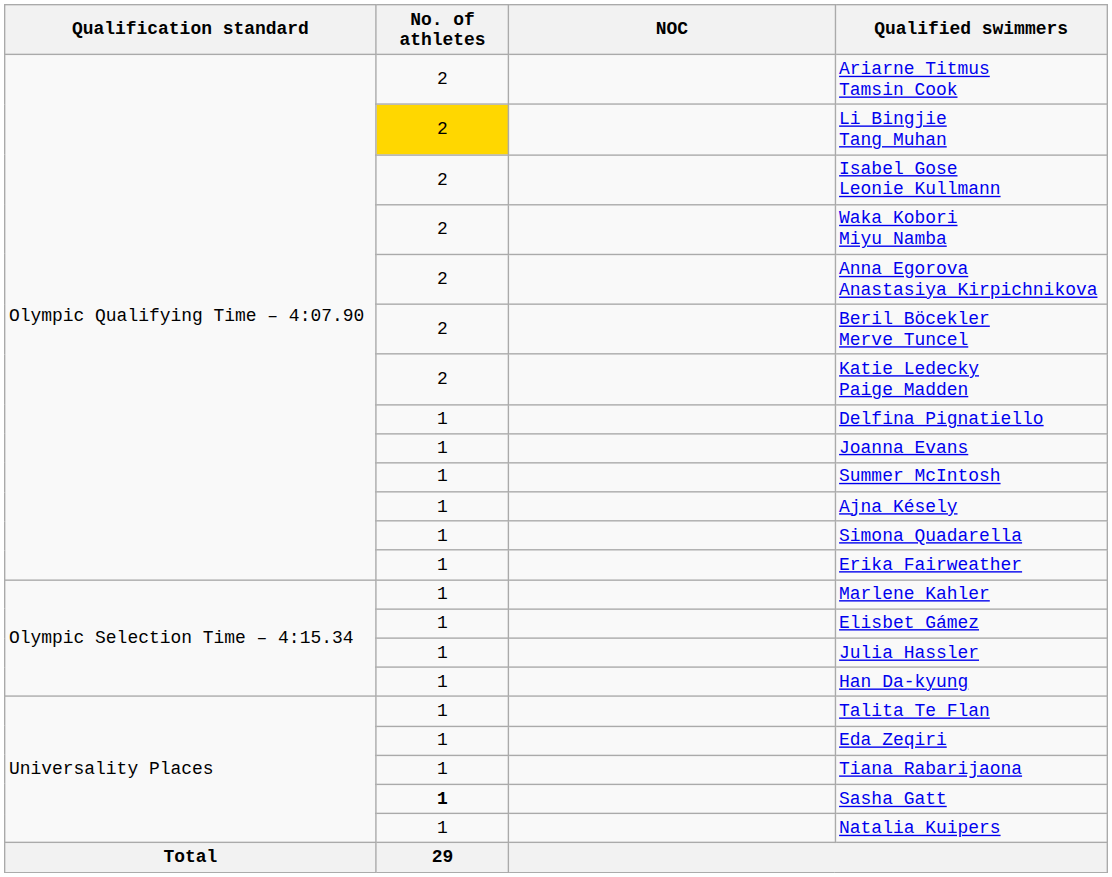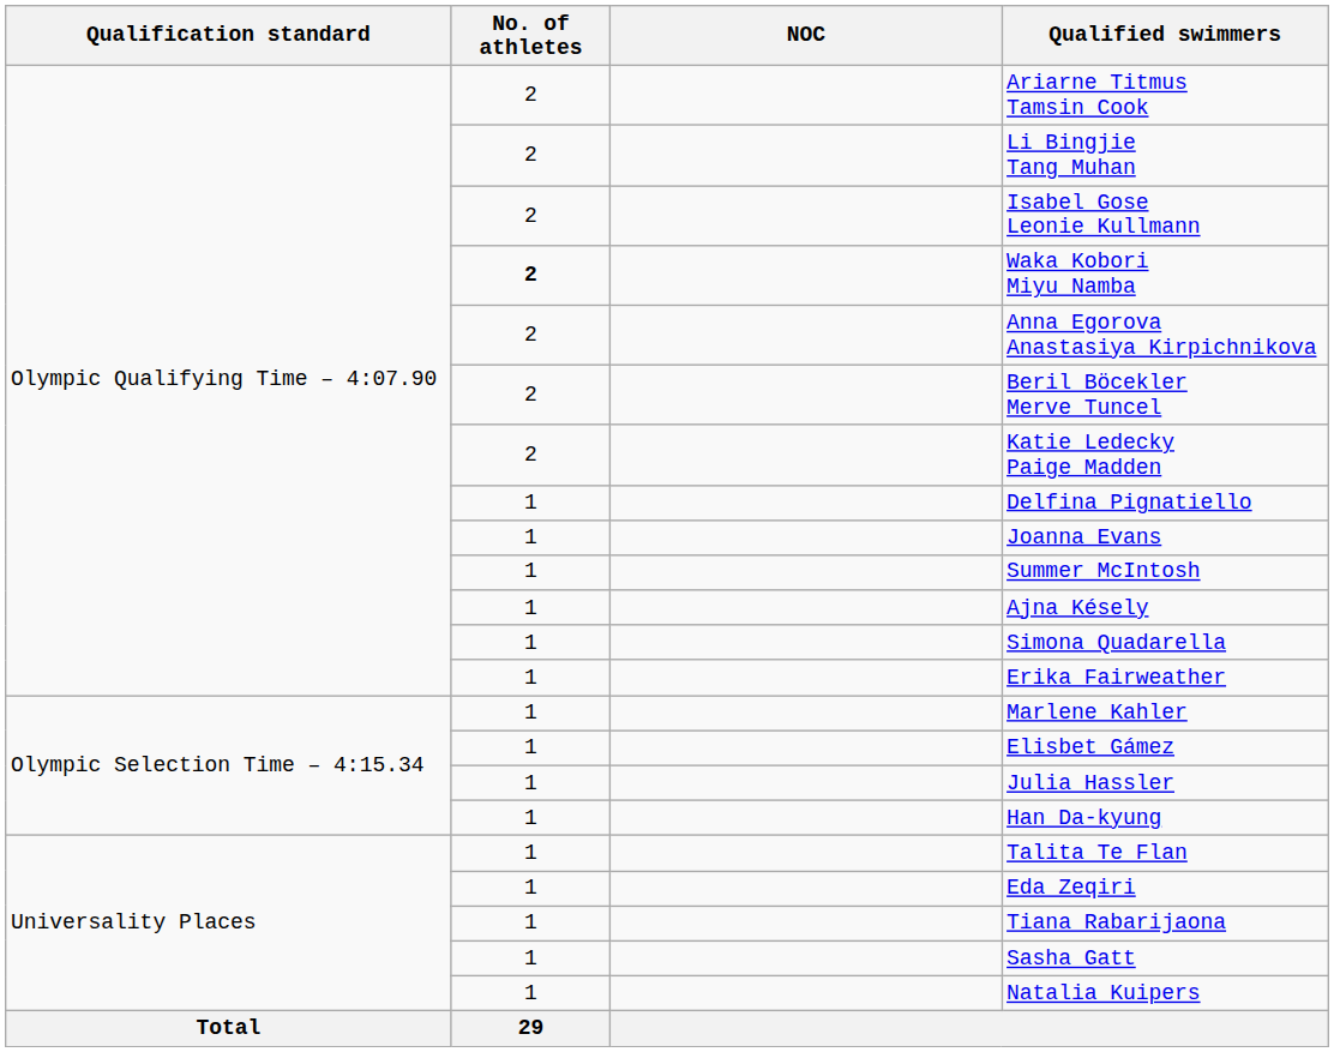 <table class=wikitable style="text-align:left" width=800>
 <tr>
 <th>Qualification standard</th>
 <th width=90>No. of athletes</th>
 <th width=230>NOC</th>
 <th>Qualified swimmers</th>
 </tr>
 <tr>
 <td rowspan=13>Olympic Qualifying Time – 4:07.90</td>
 <td align=center>2</td>
 <td></td>
 <td><a href='#'>Ariarne Titmus</a><br><a href='#'>Tamsin Cook</a></td>
 </tr>
 <tr>
-<td align=center style="background: gold;">2</td>
+<td align=center>2</td>
 <td></td>
 <td><a href='#'>Li Bingjie</a><br><a href='#'>Tang Muhan</a></td>
 </tr>
 <tr>
 <td align=center>2</td>
 <td></td>
 <td><a href='#'>Isabel Gose</a><br><a href='#'>Leonie Kullmann</a></td>
 </tr>
 <tr>
-<td align=center>2</td>
+<td align=center><strong>2</strong></td>
 <td></td>
 <td><a href='#'>Waka Kobori</a><br><a href='#'>Miyu Namba</a></td>
 </tr>
 <tr>
 <td align=center>2</td>
 <td></td>
 <td><a href='#'>Anna Egorova</a><br><a href='#'>Anastasiya Kirpichnikova</a></td>
 </tr>
 <tr>
 <td align=center>2</td>
 <td></td>
 <td><a href='#'>Beril Böcekler</a><br><a href='#'>Merve Tuncel</a></td>
 </tr>
 <tr>
 <td align=center>2</td>
 <td></td>
 <td><a href='#'>Katie Ledecky</a><br><a href='#'>Paige Madden</a></td>
 </tr>
 <tr>
 <td align=center>1</td>
 <td></td>
 <td><a href='#'>Delfina Pignatiello</a></td>
 </tr>
 <tr>
 <td align=center>1</td>
 <td></td>
 <td><a href='#'>Joanna Evans</a></td>
 </tr>
 <tr>
 <td align=center>1</td>
 <td></td>
 <td><a href='#'>Summer McIntosh</a></td>
 </tr>
 <tr>
 <td align=center>1</td>
 <td></td>
 <td><a href='#'>Ajna Késely</a></td>
 </tr>
 <tr>
 <td align=center>1</td>
 <td></td>
 <td><a href='#'>Simona Quadarella</a></td>
 </tr>
 <tr>
 <td align=center>1</td>
 <td></td>
 <td><a href='#'>Erika Fairweather</a></td>
 </tr>
 <tr>
 <td rowspan=4>Olympic Selection Time – 4:15.34</td>
 <td align=center>1</td>
 <td></td>
 <td><a href='#'>Marlene Kahler</a></td>
 </tr>
 <tr>
 <td align=center>1</td>
 <td></td>
 <td><a href='#'>Elisbet Gámez</a></td>
 </tr>
 <tr>
 <td align=center>1</td>
 <td></td>
 <td><a href='#'>Julia Hassler</a></td>
 </tr>
 <tr>
 <td align=center>1</td>
 <td></td>
 <td><a href='#'>Han Da-kyung</a></td>
 </tr>
 <tr>
 <td rowspan=5>Universality Places</td>
 <td align=center>1</td>
 <td></td>
 <td><a href='#'>Talita Te Flan</a></td>
 </tr>
 <tr>
 <td align=center>1</td>
 <td></td>
 <td><a href='#'>Eda Zeqiri</a></td>
 </tr>
 <tr>
 <td align=center>1</td>
 <td></td>
 <td><a href='#'>Tiana Rabarijaona</a></td>
 </tr>
 <tr>
-<td align=center><strong>1</strong></td>
+<td align=center>1</td>
 <td></td>
 <td><a href='#'>Sasha Gatt</a></td>
 </tr>
 <tr>
 <td align=center>1</td>
 <td></td>
 <td><a href='#'>Natalia Kuipers</a></td>
 </tr>
 <tr>
 <th><strong>Total</strong></th>
 <th>29</th>
 <th colspan=2></th>
 </tr>
 </table>
